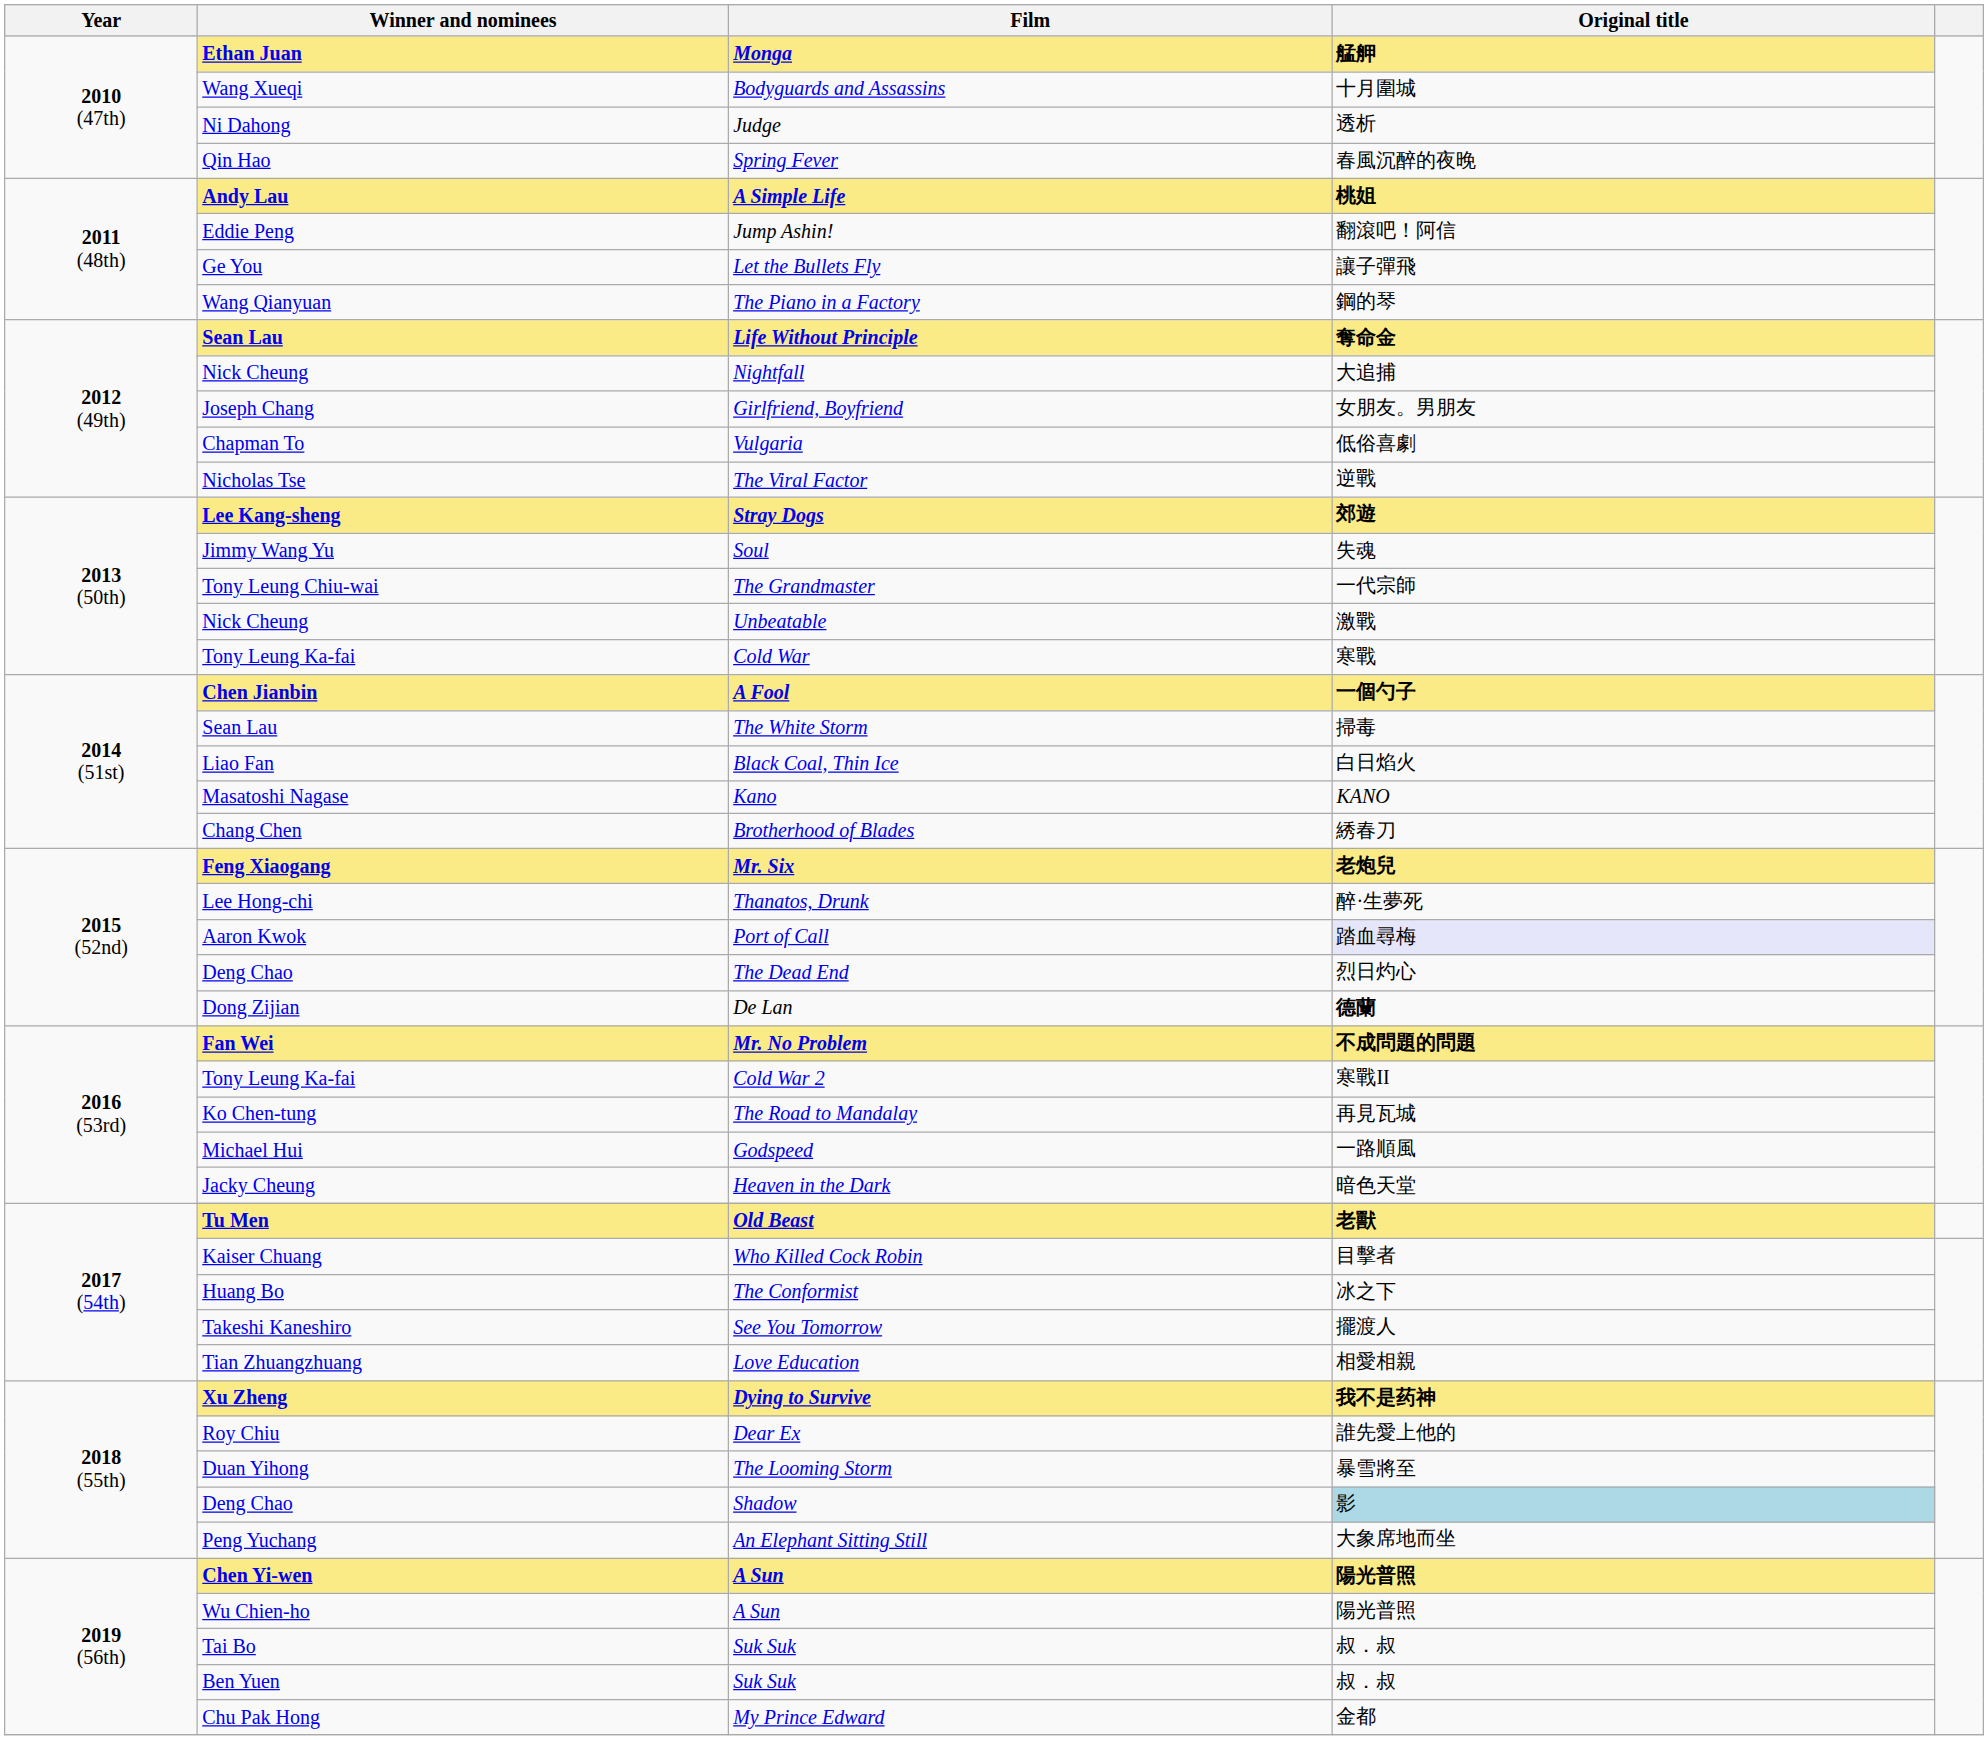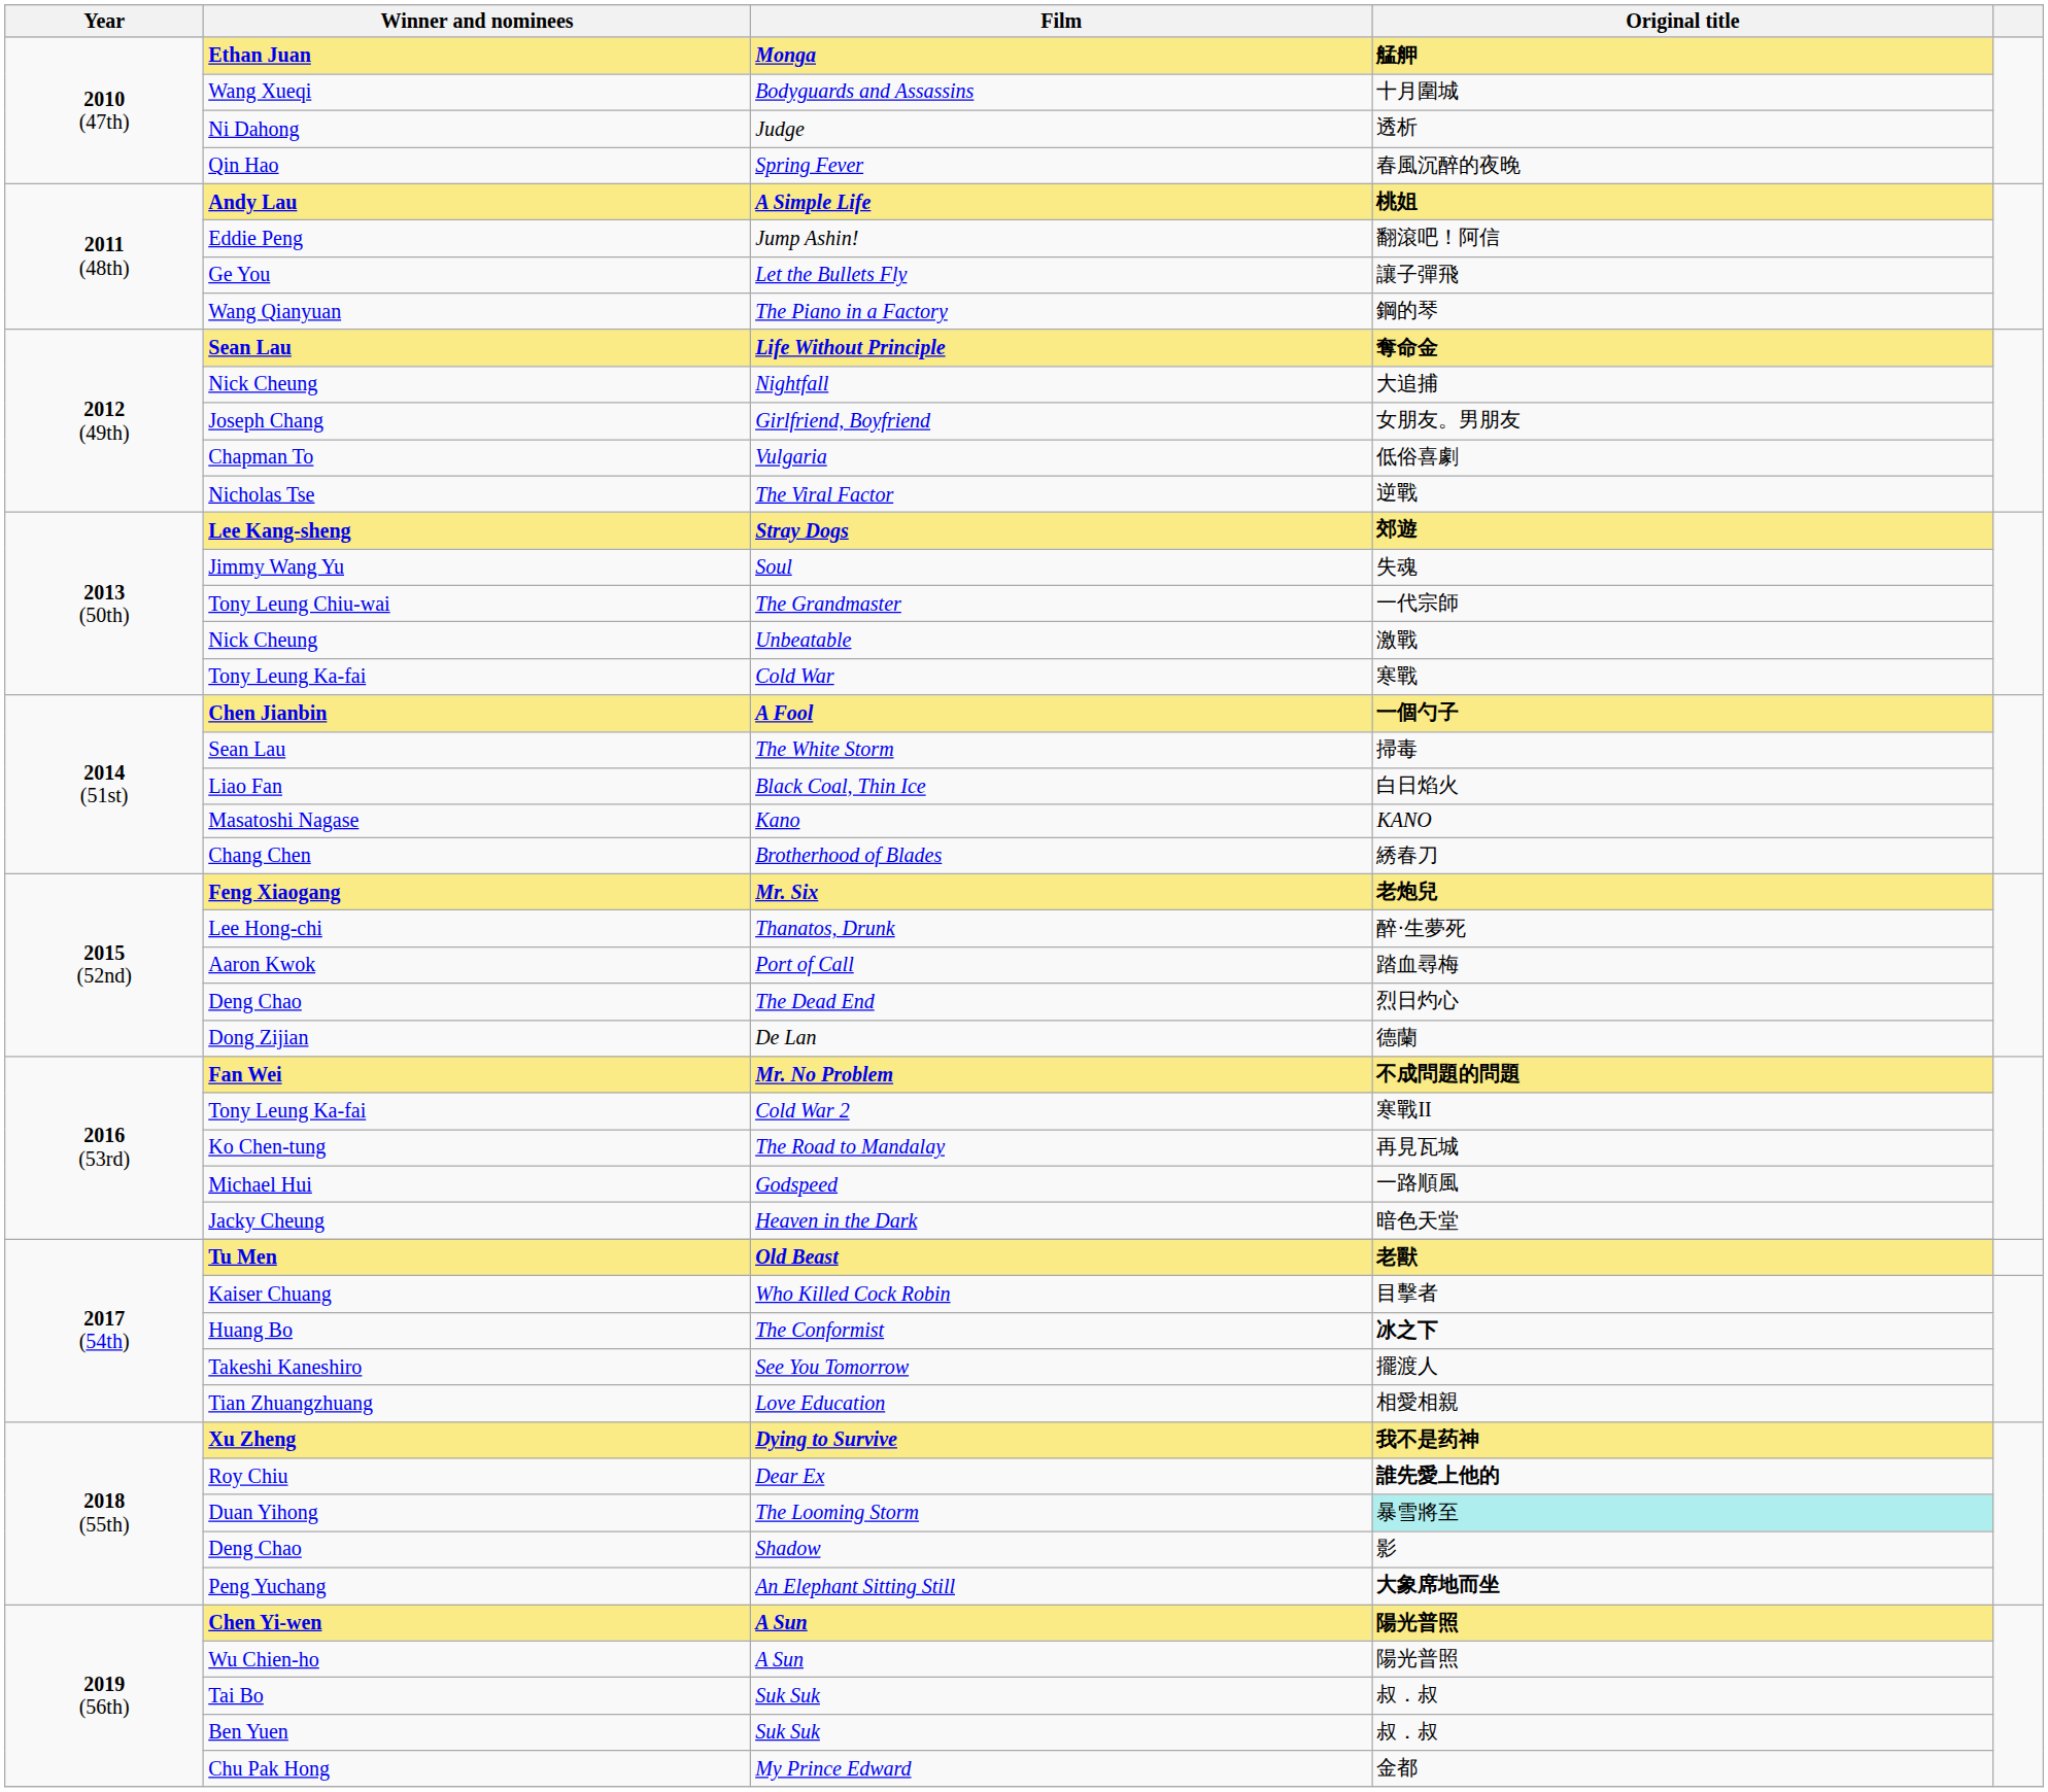 <table class="wikitable" style="width:100%">
 <tr style="background:#bebebe;">
 <th style="width:8%;">Year</th>
 <th style="width:22%;">Winner and nominees</th>
 <th style="width:25%;">Film</th>
 <th style="width:25%;">Original title</th>
 <th style="width:2%;"></th>
 </tr>
 <tr>
 <td rowspan="4" style="text-align:center"><strong>2010</strong><br>(47th)</td>
 <td style="background:#FAEB86"><strong><a href='#'>Ethan Juan</a></strong></td>
 <td style="background:#FAEB86"><strong><em><a href='#'>Monga</a></em></strong></td>
 <td style="background:#FAEB86"><strong>艋舺</strong></td>
 <td rowspan=4></td>
 </tr>
 <tr>
 <td><a href='#'>Wang Xueqi</a></td>
 <td><em><a href='#'>Bodyguards and Assassins</a></em></td>
 <td>十月圍城</td>
 </tr>
 <tr>
 <td><a href='#'>Ni Dahong</a></td>
 <td><em>Judge</em></td>
 <td>透析</td>
 </tr>
 <tr>
 <td><a href='#'>Qin Hao</a></td>
 <td><em><a href='#'>Spring Fever</a></em></td>
 <td>春風沉醉的夜晚</td>
 </tr>
 <tr>
 <td rowspan="4" style="text-align:center"><strong>2011</strong><br>(48th)</td>
 <td style="background:#FAEB86"><strong><a href='#'>Andy Lau</a></strong></td>
 <td style="background:#FAEB86"><strong><em><a href='#'>A Simple Life</a></em></strong></td>
 <td style="background:#FAEB86"><strong>桃姐</strong></td>
 <td rowspan=4></td>
 </tr>
 <tr>
 <td><a href='#'>Eddie Peng</a></td>
 <td><em>Jump Ashin!</em></td>
 <td>翻滾吧！阿信</td>
 </tr>
 <tr>
 <td><a href='#'>Ge You</a></td>
 <td><em><a href='#'>Let the Bullets Fly</a></em></td>
 <td>讓子彈飛</td>
 </tr>
 <tr>
 <td><a href='#'>Wang Qianyuan</a></td>
 <td><em><a href='#'>The Piano in a Factory</a></em></td>
 <td>鋼的琴</td>
 </tr>
 <tr>
 <td rowspan="5" style="text-align:center"><strong>2012</strong><br>(49th)</td>
 <td style="background:#FAEB86"><strong><a href='#'>Sean Lau</a></strong></td>
 <td style="background:#FAEB86"><strong><em><a href='#'>Life Without Principle</a></em></strong></td>
 <td style="background:#FAEB86"><strong>奪命金</strong></td>
 <td rowspan=5></td>
 </tr>
 <tr>
 <td><a href='#'>Nick Cheung</a></td>
 <td><em><a href='#'>Nightfall</a></em></td>
 <td>大追捕</td>
 </tr>
 <tr>
 <td><a href='#'>Joseph Chang</a></td>
 <td><em><a href='#'>Girlfriend, Boyfriend</a></em></td>
 <td>女朋友。男朋友</td>
 </tr>
 <tr>
 <td><a href='#'>Chapman To</a></td>
 <td><em><a href='#'>Vulgaria</a></em></td>
 <td>低俗喜劇</td>
 </tr>
 <tr>
 <td><a href='#'>Nicholas Tse</a></td>
 <td><em><a href='#'>The Viral Factor</a></em></td>
 <td>逆戰</td>
 </tr>
 <tr>
 <td rowspan="5" style="text-align:center"><strong>2013</strong><br>(50th)</td>
 <td style="background:#FAEB86"><strong><a href='#'>Lee Kang-sheng</a></strong></td>
 <td style="background:#FAEB86"><strong><em><a href='#'>Stray Dogs</a></em></strong></td>
 <td style="background:#FAEB86"><strong>郊遊</strong></td>
 <td rowspan=5></td>
 </tr>
 <tr>
 <td><a href='#'>Jimmy Wang Yu</a></td>
 <td><em><a href='#'>Soul</a></em></td>
 <td>失魂</td>
 </tr>
 <tr>
 <td><a href='#'>Tony Leung Chiu-wai</a></td>
 <td><em><a href='#'>The Grandmaster</a></em></td>
 <td>一代宗師</td>
 </tr>
 <tr>
 <td><a href='#'>Nick Cheung</a></td>
 <td><em><a href='#'>Unbeatable</a></em></td>
 <td>激戰</td>
 </tr>
 <tr>
 <td><a href='#'>Tony Leung Ka-fai</a></td>
 <td><em><a href='#'>Cold War</a></em></td>
 <td>寒戰</td>
 </tr>
 <tr>
 <td rowspan="5" style="text-align:center"><strong>2014</strong><br>(51st)</td>
 <td style="background:#FAEB86"><strong><a href='#'>Chen Jianbin</a></strong></td>
 <td style="background:#FAEB86"><strong><em><a href='#'>A Fool</a></em></strong></td>
 <td style="background:#FAEB86"><strong>一個勺子</strong></td>
 <td rowspan=5></td>
 </tr>
 <tr>
 <td><a href='#'>Sean Lau</a></td>
 <td><em><a href='#'>The White Storm</a></em></td>
 <td>掃毒</td>
 </tr>
 <tr>
 <td><a href='#'>Liao Fan</a></td>
 <td><em><a href='#'>Black Coal, Thin Ice</a></em></td>
 <td>白日焰火</td>
 </tr>
 <tr>
 <td><a href='#'>Masatoshi Nagase</a></td>
 <td><em><a href='#'>Kano</a></em></td>
 <td><em>KANO</em></td>
 </tr>
 <tr>
 <td><a href='#'>Chang Chen</a></td>
 <td><em><a href='#'>Brotherhood of Blades</a></em></td>
 <td>綉春刀</td>
 </tr>
 <tr>
 <td rowspan="5" style="text-align:center"><strong>2015</strong><br>(52nd)</td>
 <td style="background:#FAEB86"><strong><a href='#'>Feng Xiaogang</a></strong></td>
 <td style="background:#FAEB86"><strong><em><a href='#'>Mr. Six</a></em></strong></td>
 <td style="background:#FAEB86"><strong>老炮兒</strong></td>
 <td rowspan=5></td>
 </tr>
 <tr>
 <td><a href='#'>Lee Hong-chi</a></td>
 <td><em><a href='#'>Thanatos, Drunk</a></em></td>
 <td>醉·生夢死</td>
 </tr>
 <tr>
 <td><a href='#'>Aaron Kwok</a></td>
 <td><em><a href='#'>Port of Call</a></em></td>
-<td style="background: lavender;">踏血尋梅</td>
+<td>踏血尋梅</td>
 </tr>
 <tr>
 <td><a href='#'>Deng Chao</a></td>
 <td><em><a href='#'>The Dead End</a></em></td>
 <td>烈日灼心</td>
 </tr>
 <tr>
 <td><a href='#'>Dong Zijian</a></td>
 <td><em>De Lan</em></td>
-<td><strong>德蘭</strong></td>
+<td>德蘭</td>
 </tr>
 <tr>
 <td rowspan="5" style="text-align:center"><strong>2016</strong><br>(53rd)</td>
 <td style="background:#FAEB86"><strong><a href='#'>Fan Wei</a></strong></td>
 <td style="background:#FAEB86"><strong><em><a href='#'>Mr. No Problem</a></em></strong></td>
 <td style="background:#FAEB86"><strong>不成問題的問題</strong></td>
 <td rowspan=5></td>
 </tr>
 <tr>
 <td><a href='#'>Tony Leung Ka-fai</a></td>
 <td><em><a href='#'>Cold War 2</a></em></td>
 <td>寒戰II</td>
 </tr>
 <tr>
 <td><a href='#'>Ko Chen-tung</a></td>
 <td><em><a href='#'>The Road to Mandalay</a></em></td>
 <td>再見瓦城</td>
 </tr>
 <tr>
 <td><a href='#'>Michael Hui</a></td>
 <td><em><a href='#'>Godspeed</a></em></td>
 <td>一路順風</td>
 </tr>
 <tr>
 <td><a href='#'>Jacky Cheung</a></td>
 <td><em><a href='#'>Heaven in the Dark</a></em></td>
 <td>暗色天堂</td>
 </tr>
 <tr>
 <td rowspan="6" style="text-align:center"><strong>2017</strong><br>(<a href='#'>54th</a>)</td>
 </tr>
 <tr>
 <td style="background:#FAEB86"><strong><a href='#'>Tu Men</a></strong></td>
 <td style="background:#FAEB86"><strong><em><a href='#'>Old Beast</a></em></strong></td>
 <td style="background:#FAEB86"><strong>老獸</strong></td>
 </tr>
 <tr>
 <td><a href='#'>Kaiser Chuang</a></td>
 <td><em><a href='#'>Who Killed Cock Robin</a></em></td>
 <td>目擊者</td>
 <td rowspan=4></td>
 </tr>
 <tr>
 <td><a href='#'>Huang Bo</a></td>
 <td><em><a href='#'>The Conformist</a></em></td>
-<td>冰之下</td>
+<td><strong>冰之下</strong></td>
 </tr>
 <tr>
 <td><a href='#'>Takeshi Kaneshiro</a></td>
 <td><em><a href='#'>See You Tomorrow</a></em></td>
 <td>擺渡人</td>
 </tr>
 <tr>
 <td><a href='#'>Tian Zhuangzhuang</a></td>
 <td><em><a href='#'>Love Education</a></em></td>
 <td>相愛相親</td>
 </tr>
 <tr>
 <td rowspan="5" style="text-align:center"><strong>2018</strong><br>(55th)</td>
 <td style="background:#FAEB86"><strong><a href='#'>Xu Zheng</a></strong></td>
 <td style="background:#FAEB86"><strong><em><a href='#'>Dying to Survive</a></em></strong></td>
 <td style="background:#FAEB86"><strong>我不是药神</strong></td>
 <td rowspan=5></td>
 </tr>
 <tr>
 <td><a href='#'>Roy Chiu</a></td>
 <td><em><a href='#'>Dear Ex</a></em></td>
-<td>誰先愛上他的</td>
+<td><strong>誰先愛上他的</strong></td>
 </tr>
 <tr>
 <td><a href='#'>Duan Yihong</a></td>
 <td><em><a href='#'>The Looming Storm</a></em></td>
-<td>暴雪將至</td>
+<td style="background: paleturquoise;">暴雪將至</td>
 </tr>
 <tr>
 <td><a href='#'>Deng Chao</a></td>
 <td><em><a href='#'>Shadow</a></em></td>
-<td style="background: lightblue;">影</td>
+<td>影</td>
 </tr>
 <tr>
 <td><a href='#'>Peng Yuchang</a></td>
 <td><em><a href='#'>An Elephant Sitting Still</a></em></td>
-<td>大象席地而坐</td>
+<td><strong>大象席地而坐</strong></td>
 </tr>
 <tr>
 <td rowspan="5" style="text-align:center"><strong>2019</strong><br>(56th)</td>
 <td style="background:#FAEB86"><strong><a href='#'>Chen Yi-wen</a></strong></td>
 <td style="background:#FAEB86"><strong><em><a href='#'>A Sun</a></em></strong></td>
 <td style="background:#FAEB86"><strong>陽光普照</strong></td>
 <td rowspan=5></td>
 </tr>
 <tr>
 <td><a href='#'>Wu Chien-ho</a></td>
 <td><em><a href='#'>A Sun</a></em></td>
 <td>陽光普照</td>
 </tr>
 <tr>
 <td><a href='#'>Tai Bo</a></td>
 <td><em><a href='#'>Suk Suk</a></em></td>
 <td>叔．叔</td>
 </tr>
 <tr>
 <td><a href='#'>Ben Yuen</a></td>
 <td><em><a href='#'>Suk Suk</a></em></td>
 <td>叔．叔</td>
 </tr>
 <tr>
 <td><a href='#'>Chu Pak Hong</a></td>
 <td><em><a href='#'>My Prince Edward</a></em></td>
 <td>金都</td>
 </tr>
 <tr>
 </tr>
 </table>
